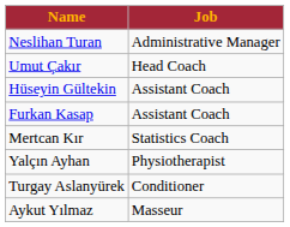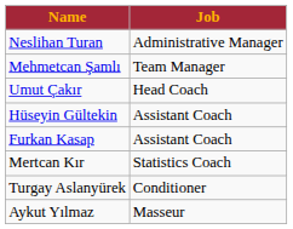 <table class="wikitable plainrowheaders sortable">
 <tr>
 <th style="background:#A32638; color:#FFB300; ">Name</th>
 <th style="background:#A32638; color:#FFB300; ">Job</th>
 </tr>
 <tr>
 <td> <a href='#'>Neslihan Turan</a></td>
 <td>Administrative Manager</td>
+</tr>
+<tr>
+<td> <a href='#'>Mehmetcan Şamlı</a></td>
+<td>Team Manager</td>
 </tr>
 <tr>
 <td> <a href='#'>Umut Çakır</a></td>
 <td>Head Coach</td>
 </tr>
 <tr>
 <td> <a href='#'>Hüseyin Gültekin</a></td>
 <td>Assistant Coach</td>
 </tr>
 <tr>
 <td> <a href='#'>Furkan Kasap</a></td>
 <td>Assistant Coach</td>
 </tr>
 <tr>
 <td> Mertcan Kır</td>
 <td>Statistics Coach</td>
 </tr>
 <tr>
-<td> Yalçın Ayhan</td>
-<td>Physiotherapist</td>
-</tr>
-<tr>
 <td> Turgay Aslanyürek</td>
 <td>Conditioner</td>
 </tr>
 <tr>
 <td> Aykut Yılmaz</td>
 <td>Masseur</td>
 </tr>
 </table>
